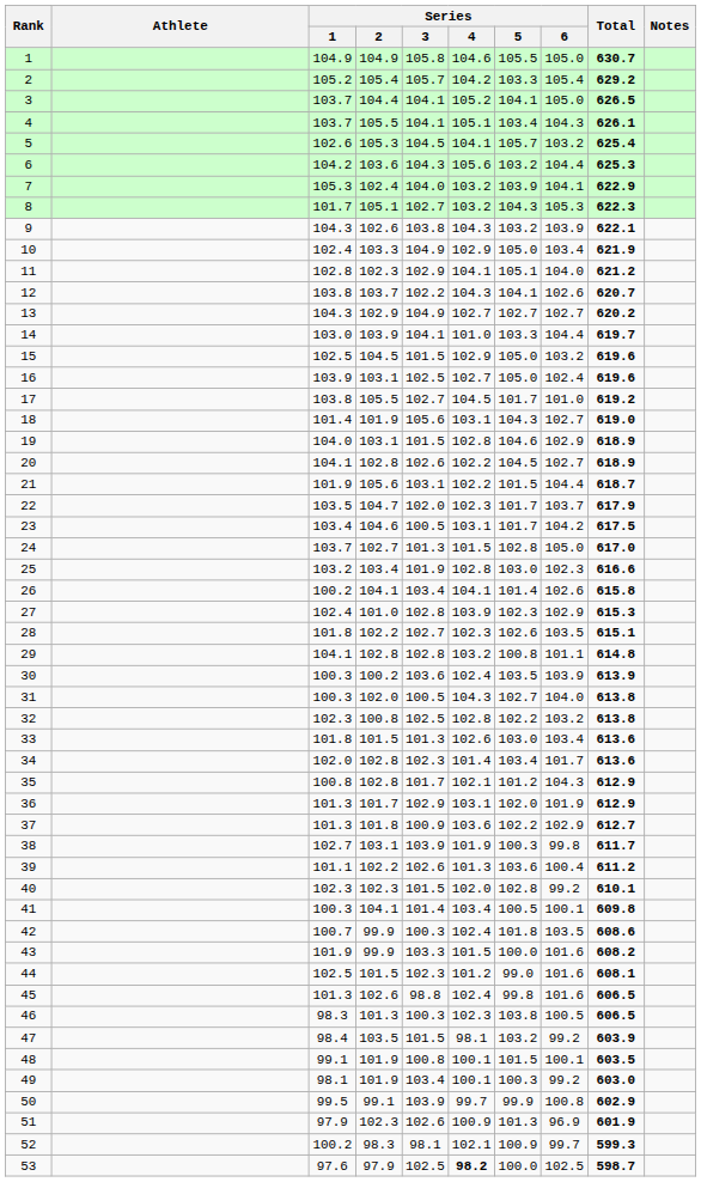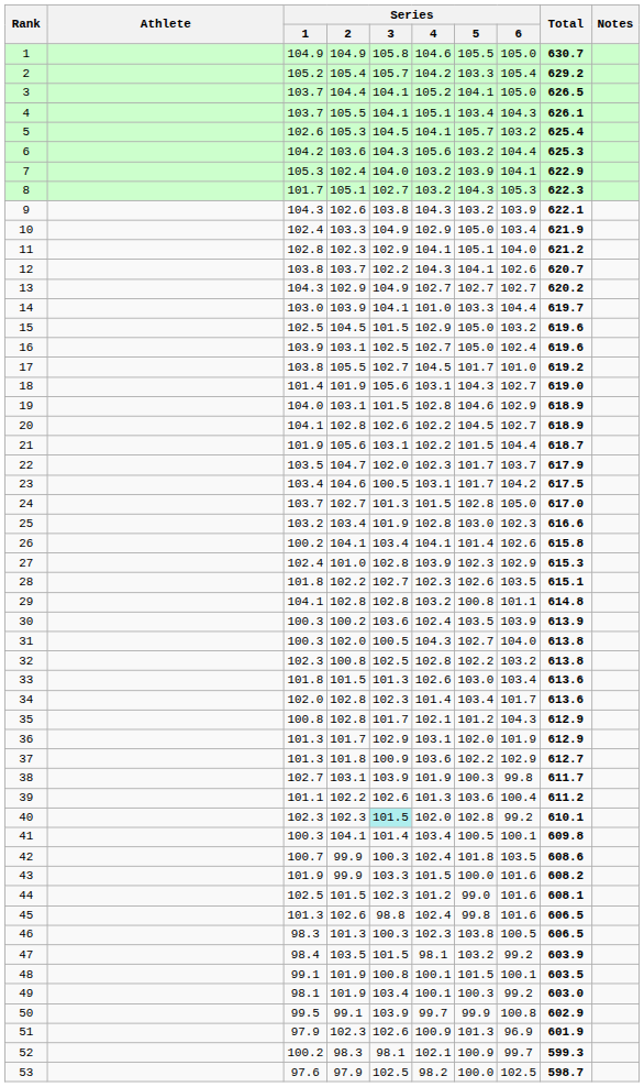 <table class="wikitable" style="text-align:center">
 <tr>
 <th rowspan=2 width=40>Rank</th>
 <th rowspan=2 width=250>Athlete</th>
 <th colspan=6>Series</th>
 <th rowspan=2 width=50>Total</th>
 <th rowspan=2 width=45>Notes</th>
 </tr>
 <tr>
 <th width=40>1</th>
 <th width=40>2</th>
 <th width=40>3</th>
 <th width=40>4</th>
 <th width=40>5</th>
 <th width=40>6</th>
 </tr>
 <tr bgcolor=ccffcc>
 <td>1</td>
 <td align=left></td>
 <td>104.9</td>
 <td>104.9</td>
 <td>105.8</td>
 <td>104.6</td>
 <td>105.5</td>
 <td>105.0</td>
 <td><strong>630.7</strong></td>
 <td></td>
 </tr>
 <tr bgcolor=ccffcc>
 <td>2</td>
 <td align=left></td>
 <td>105.2</td>
 <td>105.4</td>
 <td>105.7</td>
 <td>104.2</td>
 <td>103.3</td>
 <td>105.4</td>
 <td><strong>629.2</strong></td>
 <td></td>
 </tr>
 <tr bgcolor=ccffcc>
 <td>3</td>
 <td align=left></td>
 <td>103.7</td>
 <td>104.4</td>
 <td>104.1</td>
 <td>105.2</td>
 <td>104.1</td>
 <td>105.0</td>
 <td><strong>626.5</strong></td>
 <td></td>
 </tr>
 <tr bgcolor=ccffcc>
 <td>4</td>
 <td align=left></td>
 <td>103.7</td>
 <td>105.5</td>
 <td>104.1</td>
 <td>105.1</td>
 <td>103.4</td>
 <td>104.3</td>
 <td><strong>626.1</strong></td>
 <td></td>
 </tr>
 <tr bgcolor=ccffcc>
 <td>5</td>
 <td align=left></td>
 <td>102.6</td>
 <td>105.3</td>
 <td>104.5</td>
 <td>104.1</td>
 <td>105.7</td>
 <td>103.2</td>
 <td><strong>625.4</strong></td>
 <td></td>
 </tr>
 <tr bgcolor=ccffcc>
 <td>6</td>
 <td align=left></td>
 <td>104.2</td>
 <td>103.6</td>
 <td>104.3</td>
 <td>105.6</td>
 <td>103.2</td>
 <td>104.4</td>
 <td><strong>625.3</strong></td>
 <td></td>
 </tr>
 <tr bgcolor=ccffcc>
 <td>7</td>
 <td align=left></td>
 <td>105.3</td>
 <td>102.4</td>
 <td>104.0</td>
 <td>103.2</td>
 <td>103.9</td>
 <td>104.1</td>
 <td><strong>622.9</strong></td>
 <td></td>
 </tr>
 <tr bgcolor=ccffcc>
 <td>8</td>
 <td align=left></td>
 <td>101.7</td>
 <td>105.1</td>
 <td>102.7</td>
 <td>103.2</td>
 <td>104.3</td>
 <td>105.3</td>
 <td><strong>622.3</strong></td>
 <td></td>
 </tr>
 <tr>
 <td>9</td>
 <td align=left></td>
 <td>104.3</td>
 <td>102.6</td>
 <td>103.8</td>
 <td>104.3</td>
 <td>103.2</td>
 <td>103.9</td>
 <td><strong>622.1</strong></td>
 <td></td>
 </tr>
 <tr>
 <td>10</td>
 <td align=left></td>
 <td>102.4</td>
 <td>103.3</td>
 <td>104.9</td>
 <td>102.9</td>
 <td>105.0</td>
 <td>103.4</td>
 <td><strong>621.9</strong></td>
 <td></td>
 </tr>
 <tr>
 <td>11</td>
 <td align=left></td>
 <td>102.8</td>
 <td>102.3</td>
 <td>102.9</td>
 <td>104.1</td>
 <td>105.1</td>
 <td>104.0</td>
 <td><strong>621.2</strong></td>
 <td></td>
 </tr>
 <tr>
 <td>12</td>
 <td align=left></td>
 <td>103.8</td>
 <td>103.7</td>
 <td>102.2</td>
 <td>104.3</td>
 <td>104.1</td>
 <td>102.6</td>
 <td><strong>620.7</strong></td>
 <td></td>
 </tr>
 <tr>
 <td>13</td>
 <td align=left></td>
 <td>104.3</td>
 <td>102.9</td>
 <td>104.9</td>
 <td>102.7</td>
 <td>102.7</td>
 <td>102.7</td>
 <td><strong>620.2</strong></td>
 <td></td>
 </tr>
 <tr>
 <td>14</td>
 <td align=left></td>
 <td>103.0</td>
 <td>103.9</td>
 <td>104.1</td>
 <td>101.0</td>
 <td>103.3</td>
 <td>104.4</td>
 <td><strong>619.7</strong></td>
 <td></td>
 </tr>
 <tr>
 <td>15</td>
 <td align=left></td>
 <td>102.5</td>
 <td>104.5</td>
 <td>101.5</td>
 <td>102.9</td>
 <td>105.0</td>
 <td>103.2</td>
 <td><strong>619.6</strong></td>
 <td></td>
 </tr>
 <tr>
 <td>16</td>
 <td align=left></td>
 <td>103.9</td>
 <td>103.1</td>
 <td>102.5</td>
 <td>102.7</td>
 <td>105.0</td>
 <td>102.4</td>
 <td><strong>619.6</strong></td>
 <td></td>
 </tr>
 <tr>
 <td>17</td>
 <td align=left></td>
 <td>103.8</td>
 <td>105.5</td>
 <td>102.7</td>
 <td>104.5</td>
 <td>101.7</td>
 <td>101.0</td>
 <td><strong>619.2</strong></td>
 <td></td>
 </tr>
 <tr>
 <td>18</td>
 <td align=left></td>
 <td>101.4</td>
 <td>101.9</td>
 <td>105.6</td>
 <td>103.1</td>
 <td>104.3</td>
 <td>102.7</td>
 <td><strong>619.0</strong></td>
 <td></td>
 </tr>
 <tr>
 <td>19</td>
 <td align=left></td>
 <td>104.0</td>
 <td>103.1</td>
 <td>101.5</td>
 <td>102.8</td>
 <td>104.6</td>
 <td>102.9</td>
 <td><strong>618.9</strong></td>
 <td></td>
 </tr>
 <tr>
 <td>20</td>
 <td align=left></td>
 <td>104.1</td>
 <td>102.8</td>
 <td>102.6</td>
 <td>102.2</td>
 <td>104.5</td>
 <td>102.7</td>
 <td><strong>618.9</strong></td>
 <td></td>
 </tr>
 <tr>
 <td>21</td>
 <td align=left></td>
 <td>101.9</td>
 <td>105.6</td>
 <td>103.1</td>
 <td>102.2</td>
 <td>101.5</td>
 <td>104.4</td>
 <td><strong>618.7</strong></td>
 <td></td>
 </tr>
 <tr>
 <td>22</td>
 <td align=left></td>
 <td>103.5</td>
 <td>104.7</td>
 <td>102.0</td>
 <td>102.3</td>
 <td>101.7</td>
 <td>103.7</td>
 <td><strong>617.9</strong></td>
 <td></td>
 </tr>
 <tr>
 <td>23</td>
 <td align=left></td>
 <td>103.4</td>
 <td>104.6</td>
 <td>100.5</td>
 <td>103.1</td>
 <td>101.7</td>
 <td>104.2</td>
 <td><strong>617.5</strong></td>
 <td></td>
 </tr>
 <tr>
 <td>24</td>
 <td align=left></td>
 <td>103.7</td>
 <td>102.7</td>
 <td>101.3</td>
 <td>101.5</td>
 <td>102.8</td>
 <td>105.0</td>
 <td><strong>617.0</strong></td>
 <td></td>
 </tr>
 <tr>
 <td>25</td>
 <td align=left></td>
 <td>103.2</td>
 <td>103.4</td>
 <td>101.9</td>
 <td>102.8</td>
 <td>103.0</td>
 <td>102.3</td>
 <td><strong>616.6</strong></td>
 <td></td>
 </tr>
 <tr>
 <td>26</td>
 <td align=left></td>
 <td>100.2</td>
 <td>104.1</td>
 <td>103.4</td>
 <td>104.1</td>
 <td>101.4</td>
 <td>102.6</td>
 <td><strong>615.8</strong></td>
 <td></td>
 </tr>
 <tr>
 <td>27</td>
 <td align=left></td>
 <td>102.4</td>
 <td>101.0</td>
 <td>102.8</td>
 <td>103.9</td>
 <td>102.3</td>
 <td>102.9</td>
 <td><strong>615.3</strong></td>
 <td></td>
 </tr>
 <tr>
 <td>28</td>
 <td align=left></td>
 <td>101.8</td>
 <td>102.2</td>
 <td>102.7</td>
 <td>102.3</td>
 <td>102.6</td>
 <td>103.5</td>
 <td><strong>615.1</strong></td>
 <td></td>
 </tr>
 <tr>
 <td>29</td>
 <td align=left></td>
 <td>104.1</td>
 <td>102.8</td>
 <td>102.8</td>
 <td>103.2</td>
 <td>100.8</td>
 <td>101.1</td>
 <td><strong>614.8</strong></td>
 <td></td>
 </tr>
 <tr>
 <td>30</td>
 <td align=left></td>
 <td>100.3</td>
 <td>100.2</td>
 <td>103.6</td>
 <td>102.4</td>
 <td>103.5</td>
 <td>103.9</td>
 <td><strong>613.9</strong></td>
 <td></td>
 </tr>
 <tr>
 <td>31</td>
 <td align=left></td>
 <td>100.3</td>
 <td>102.0</td>
 <td>100.5</td>
 <td>104.3</td>
 <td>102.7</td>
 <td>104.0</td>
 <td><strong>613.8</strong></td>
 <td></td>
 </tr>
 <tr>
 <td>32</td>
 <td align=left></td>
 <td>102.3</td>
 <td>100.8</td>
 <td>102.5</td>
 <td>102.8</td>
 <td>102.2</td>
 <td>103.2</td>
 <td><strong>613.8</strong></td>
 <td></td>
 </tr>
 <tr>
 <td>33</td>
 <td align=left></td>
 <td>101.8</td>
 <td>101.5</td>
 <td>101.3</td>
 <td>102.6</td>
 <td>103.0</td>
 <td>103.4</td>
 <td><strong>613.6</strong></td>
 <td></td>
 </tr>
 <tr>
 <td>34</td>
 <td align=left></td>
 <td>102.0</td>
 <td>102.8</td>
 <td>102.3</td>
 <td>101.4</td>
 <td>103.4</td>
 <td>101.7</td>
 <td><strong>613.6</strong></td>
 <td></td>
 </tr>
 <tr>
 <td>35</td>
 <td align=left></td>
 <td>100.8</td>
 <td>102.8</td>
 <td>101.7</td>
 <td>102.1</td>
 <td>101.2</td>
 <td>104.3</td>
 <td><strong>612.9</strong></td>
 <td></td>
 </tr>
 <tr>
 <td>36</td>
 <td align=left></td>
 <td>101.3</td>
 <td>101.7</td>
 <td>102.9</td>
 <td>103.1</td>
 <td>102.0</td>
 <td>101.9</td>
 <td><strong>612.9</strong></td>
 <td></td>
 </tr>
 <tr>
 <td>37</td>
 <td align=left></td>
 <td>101.3</td>
 <td>101.8</td>
 <td>100.9</td>
 <td>103.6</td>
 <td>102.2</td>
 <td>102.9</td>
 <td><strong>612.7</strong></td>
 <td></td>
 </tr>
 <tr>
 <td>38</td>
 <td align=left></td>
 <td>102.7</td>
 <td>103.1</td>
 <td>103.9</td>
 <td>101.9</td>
 <td>100.3</td>
 <td>99.8</td>
 <td><strong>611.7</strong></td>
 <td></td>
 </tr>
 <tr>
 <td>39</td>
 <td align=left></td>
 <td>101.1</td>
 <td>102.2</td>
 <td>102.6</td>
 <td>101.3</td>
 <td>103.6</td>
 <td>100.4</td>
 <td><strong>611.2</strong></td>
 <td></td>
 </tr>
 <tr>
 <td>40</td>
 <td align=left></td>
 <td>102.3</td>
 <td>102.3</td>
-<td>101.5</td>
+<td style="background: paleturquoise;">101.5</td>
 <td>102.0</td>
 <td>102.8</td>
 <td>99.2</td>
 <td><strong>610.1</strong></td>
 <td></td>
 </tr>
 <tr>
 <td>41</td>
 <td align=left></td>
 <td>100.3</td>
 <td>104.1</td>
 <td>101.4</td>
 <td>103.4</td>
 <td>100.5</td>
 <td>100.1</td>
 <td><strong>609.8</strong></td>
 <td></td>
 </tr>
 <tr>
 <td>42</td>
 <td align=left></td>
 <td>100.7</td>
 <td>99.9</td>
 <td>100.3</td>
 <td>102.4</td>
 <td>101.8</td>
 <td>103.5</td>
 <td><strong>608.6</strong></td>
 <td></td>
 </tr>
 <tr>
 <td>43</td>
 <td align=left></td>
 <td>101.9</td>
 <td>99.9</td>
 <td>103.3</td>
 <td>101.5</td>
 <td>100.0</td>
 <td>101.6</td>
 <td><strong>608.2</strong></td>
 <td></td>
 </tr>
 <tr>
 <td>44</td>
 <td align=left></td>
 <td>102.5</td>
 <td>101.5</td>
 <td>102.3</td>
 <td>101.2</td>
 <td>99.0</td>
 <td>101.6</td>
 <td><strong>608.1</strong></td>
 <td></td>
 </tr>
 <tr>
 <td>45</td>
 <td align=left></td>
 <td>101.3</td>
 <td>102.6</td>
 <td>98.8</td>
 <td>102.4</td>
 <td>99.8</td>
 <td>101.6</td>
 <td><strong>606.5</strong></td>
 <td></td>
 </tr>
 <tr>
 <td>46</td>
 <td align=left></td>
 <td>98.3</td>
 <td>101.3</td>
 <td>100.3</td>
 <td>102.3</td>
 <td>103.8</td>
 <td>100.5</td>
 <td><strong>606.5</strong></td>
 <td></td>
 </tr>
 <tr>
 <td>47</td>
 <td align=left></td>
 <td>98.4</td>
 <td>103.5</td>
 <td>101.5</td>
 <td>98.1</td>
 <td>103.2</td>
 <td>99.2</td>
 <td><strong>603.9</strong></td>
 <td></td>
 </tr>
 <tr>
 <td>48</td>
 <td align=left></td>
 <td>99.1</td>
 <td>101.9</td>
 <td>100.8</td>
 <td>100.1</td>
 <td>101.5</td>
 <td>100.1</td>
 <td><strong>603.5</strong></td>
 <td></td>
 </tr>
 <tr>
 <td>49</td>
 <td align=left></td>
 <td>98.1</td>
 <td>101.9</td>
 <td>103.4</td>
 <td>100.1</td>
 <td>100.3</td>
 <td>99.2</td>
 <td><strong>603.0</strong></td>
 <td></td>
 </tr>
 <tr>
 <td>50</td>
 <td align=left></td>
 <td>99.5</td>
 <td>99.1</td>
 <td>103.9</td>
 <td>99.7</td>
 <td>99.9</td>
 <td>100.8</td>
 <td><strong>602.9</strong></td>
 <td></td>
 </tr>
 <tr>
 <td>51</td>
 <td align=left></td>
 <td>97.9</td>
 <td>102.3</td>
 <td>102.6</td>
 <td>100.9</td>
 <td>101.3</td>
 <td>96.9</td>
 <td><strong>601.9</strong></td>
 <td></td>
 </tr>
 <tr>
 <td>52</td>
 <td align=left></td>
 <td>100.2</td>
 <td>98.3</td>
 <td>98.1</td>
 <td>102.1</td>
 <td>100.9</td>
 <td>99.7</td>
 <td><strong>599.3</strong></td>
 <td></td>
 </tr>
 <tr>
 <td>53</td>
 <td align=left></td>
 <td>97.6</td>
 <td>97.9</td>
 <td>102.5</td>
-<td><strong>98.2</strong></td>
+<td>98.2</td>
 <td>100.0</td>
 <td>102.5</td>
 <td><strong>598.7</strong></td>
 <td></td>
 </tr>
 </table>
